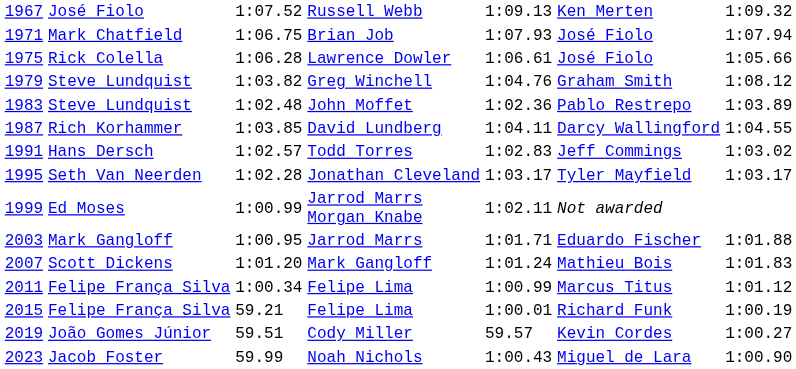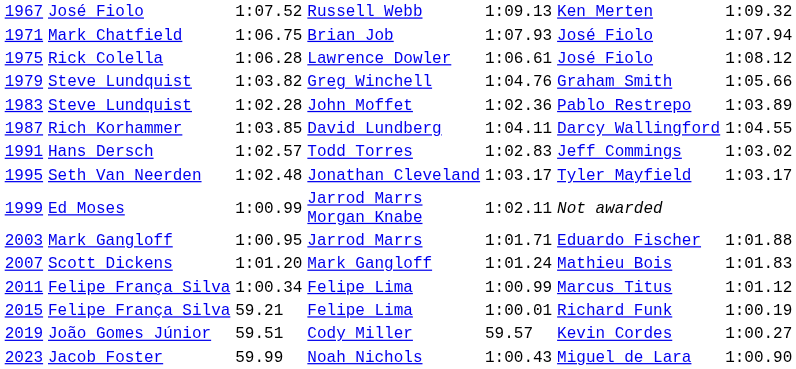 <table>
 <tr>
 <td align=center><a href='#'>1967</a></td>
 <td> <a href='#'>José Fiolo</a></td>
 <td>1:07.52</td>
 <td> <a href='#'>Russell Webb</a></td>
 <td>1:09.13</td>
 <td> <a href='#'>Ken Merten</a></td>
 <td>1:09.32</td>
 </tr>
 <tr>
 <td align=center><a href='#'>1971</a></td>
 <td> <a href='#'>Mark Chatfield</a></td>
 <td>1:06.75</td>
 <td> <a href='#'>Brian Job</a></td>
 <td>1:07.93</td>
 <td> <a href='#'>José Fiolo</a></td>
 <td>1:07.94</td>
 </tr>
 <tr>
 <td align=center><a href='#'>1975</a></td>
 <td> <a href='#'>Rick Colella</a></td>
 <td>1:06.28</td>
 <td> <a href='#'>Lawrence Dowler</a></td>
 <td>1:06.61</td>
 <td> <a href='#'>José Fiolo</a></td>
-<td>1:05.66</td>
+<td>1:08.12</td>
 </tr>
 <tr>
 <td align=center><a href='#'>1979</a></td>
 <td> <a href='#'>Steve Lundquist</a></td>
 <td>1:03.82</td>
 <td> <a href='#'>Greg Winchell</a></td>
 <td>1:04.76</td>
 <td> <a href='#'>Graham Smith</a></td>
-<td>1:08.12</td>
+<td>1:05.66</td>
 </tr>
 <tr>
 <td align=center><a href='#'>1983</a></td>
 <td> <a href='#'>Steve Lundquist</a></td>
-<td>1:02.48</td>
+<td>1:02.28</td>
 <td> <a href='#'>John Moffet</a></td>
 <td>1:02.36</td>
 <td> <a href='#'>Pablo Restrepo</a></td>
 <td>1:03.89</td>
 </tr>
 <tr>
 <td align=center><a href='#'>1987</a></td>
 <td> <a href='#'>Rich Korhammer</a></td>
 <td>1:03.85</td>
 <td> <a href='#'>David Lundberg</a></td>
 <td>1:04.11</td>
 <td> <a href='#'>Darcy Wallingford</a></td>
 <td>1:04.55</td>
 </tr>
 <tr>
 <td align=center><a href='#'>1991</a></td>
 <td> <a href='#'>Hans Dersch</a></td>
 <td>1:02.57</td>
 <td> <a href='#'>Todd Torres</a></td>
 <td>1:02.83</td>
 <td> <a href='#'>Jeff Commings</a></td>
 <td>1:03.02</td>
 </tr>
 <tr>
 <td align=center><a href='#'>1995</a></td>
 <td> <a href='#'>Seth Van Neerden</a></td>
-<td>1:02.28</td>
+<td>1:02.48</td>
 <td> <a href='#'>Jonathan Cleveland</a></td>
 <td>1:03.17</td>
 <td> <a href='#'>Tyler Mayfield</a></td>
 <td>1:03.17</td>
 </tr>
 <tr>
 <td align=center><a href='#'>1999</a></td>
 <td> <a href='#'>Ed Moses</a></td>
 <td>1:00.99</td>
 <td> <a href='#'>Jarrod Marrs</a><br> <a href='#'>Morgan Knabe</a></td>
 <td>1:02.11</td>
 <td colspan=2 rowspan=1><em>Not awarded</em></td>
 </tr>
 <tr>
 <td align=center><a href='#'>2003</a></td>
 <td> <a href='#'>Mark Gangloff</a></td>
 <td>1:00.95</td>
 <td> <a href='#'>Jarrod Marrs</a></td>
 <td>1:01.71</td>
 <td> <a href='#'>Eduardo Fischer</a></td>
 <td>1:01.88</td>
 </tr>
 <tr>
 <td align=center><a href='#'>2007</a></td>
 <td> <a href='#'>Scott Dickens</a></td>
 <td>1:01.20</td>
 <td> <a href='#'>Mark Gangloff</a></td>
 <td>1:01.24</td>
 <td> <a href='#'>Mathieu Bois</a></td>
 <td>1:01.83</td>
 </tr>
 <tr>
 <td align=center><a href='#'>2011</a></td>
 <td> <a href='#'>Felipe França Silva</a></td>
 <td>1:00.34</td>
 <td> <a href='#'>Felipe Lima</a></td>
 <td>1:00.99</td>
 <td> <a href='#'>Marcus Titus</a></td>
 <td>1:01.12</td>
 </tr>
 <tr>
 <td align=center><a href='#'>2015</a></td>
 <td> <a href='#'>Felipe França Silva</a></td>
 <td>59.21</td>
 <td> <a href='#'>Felipe Lima</a></td>
 <td>1:00.01</td>
 <td> <a href='#'>Richard Funk</a></td>
 <td>1:00.19</td>
 </tr>
 <tr>
 <td align=center><a href='#'>2019</a></td>
 <td> <a href='#'>João Gomes Júnior</a></td>
 <td>59.51</td>
 <td> <a href='#'>Cody Miller</a></td>
 <td>59.57</td>
 <td> <a href='#'>Kevin Cordes</a></td>
 <td>1:00.27</td>
 </tr>
 <tr>
 <td align=center><a href='#'>2023</a></td>
 <td> <a href='#'>Jacob Foster</a></td>
 <td>59.99</td>
 <td> <a href='#'>Noah Nichols</a></td>
 <td>1:00.43</td>
 <td> <a href='#'>Miguel de Lara</a></td>
 <td>1:00.90</td>
 </tr>
 </table>
